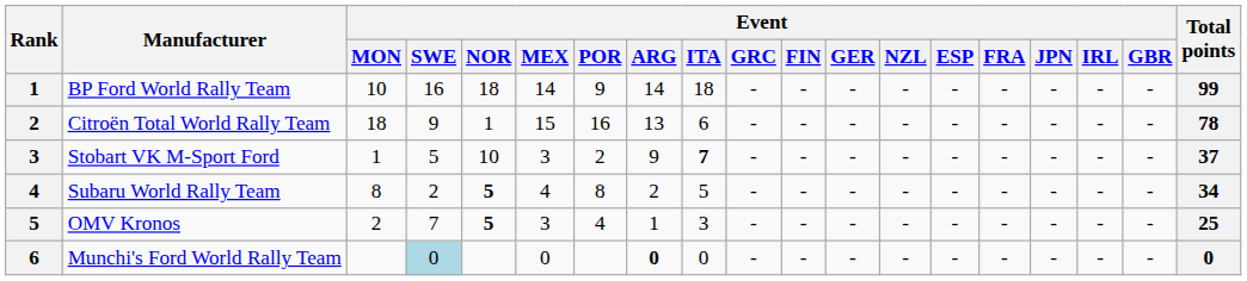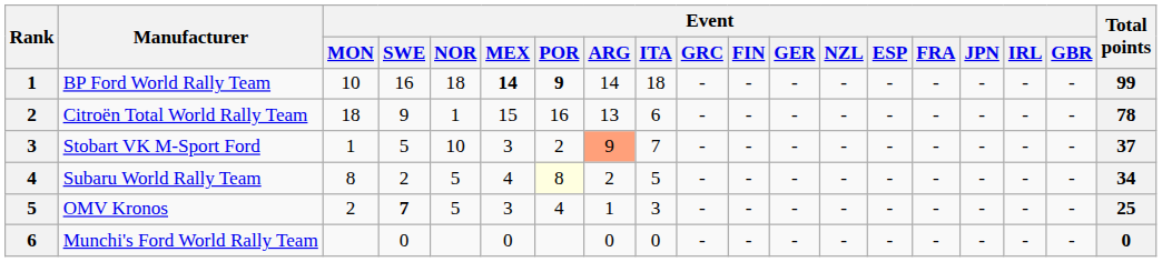 <table class="wikitable" style="text-align:center; font-size:90%;">
 <tr>
 <th rowspan=2>Rank</th>
 <th rowspan=2 style="width:16em">Manufacturer</th>
 <th colspan=16>Event</th>
 <th rowspan=2>Total<br>points</th>
 </tr>
 <tr valign="top">
 <th><a href='#'>MON</a><br></th>
 <th><a href='#'>SWE</a><br></th>
 <th><a href='#'>NOR</a><br></th>
 <th><a href='#'>MEX</a><br></th>
 <th><a href='#'>POR</a><br></th>
 <th><a href='#'>ARG</a><br></th>
 <th><a href='#'>ITA</a><br></th>
 <th><a href='#'>GRC</a><br></th>
 <th><a href='#'>FIN</a><br></th>
 <th><a href='#'>GER</a><br></th>
 <th><a href='#'>NZL</a><br></th>
 <th><a href='#'>ESP</a><br></th>
 <th><a href='#'>FRA</a><br></th>
 <th><a href='#'>JPN</a><br></th>
 <th><a href='#'>IRL</a><br></th>
 <th><a href='#'>GBR</a><br></th>
 </tr>
 <tr>
 <th>1</th>
 <td align=left><a href='#'>BP Ford World Rally Team</a></td>
 <td>10</td>
 <td>16</td>
 <td>18</td>
-<td>14</td>
-<td>9</td>
+<td><strong>14</strong></td>
+<td><strong>9</strong></td>
 <td>14</td>
 <td>18</td>
 <td>-</td>
 <td>-</td>
 <td>-</td>
 <td>-</td>
 <td>-</td>
 <td>-</td>
 <td>-</td>
 <td>-</td>
 <td>-</td>
 <th>99</th>
 </tr>
 <tr>
 <th>2</th>
 <td align=left><a href='#'>Citroën Total World Rally Team</a></td>
 <td>18</td>
 <td>9</td>
 <td>1</td>
 <td>15</td>
 <td>16</td>
 <td>13</td>
 <td>6</td>
 <td>-</td>
 <td>-</td>
 <td>-</td>
 <td>-</td>
 <td>-</td>
 <td>-</td>
 <td>-</td>
 <td>-</td>
 <td>-</td>
 <th>78</th>
 </tr>
 <tr>
 <th>3</th>
 <td align=left><a href='#'>Stobart VK M-Sport Ford</a></td>
 <td>1</td>
 <td>5</td>
 <td>10</td>
 <td>3</td>
 <td>2</td>
-<td>9</td>
-<td><strong>7</strong></td>
+<td style="background: lightsalmon;">9</td>
+<td>7</td>
 <td>-</td>
 <td>-</td>
 <td>-</td>
 <td>-</td>
 <td>-</td>
 <td>-</td>
 <td>-</td>
 <td>-</td>
 <td>-</td>
 <th>37</th>
 </tr>
 <tr>
 <th>4</th>
 <td align=left><a href='#'>Subaru World Rally Team</a></td>
 <td>8</td>
 <td>2</td>
-<td><strong>5</strong></td>
+<td>5</td>
 <td>4</td>
-<td>8</td>
+<td style="background: lightyellow;">8</td>
 <td>2</td>
 <td>5</td>
 <td>-</td>
 <td>-</td>
 <td>-</td>
 <td>-</td>
 <td>-</td>
 <td>-</td>
 <td>-</td>
 <td>-</td>
 <td>-</td>
 <th>34</th>
 </tr>
 <tr>
 <th>5</th>
 <td align=left><a href='#'>OMV Kronos</a></td>
 <td>2</td>
-<td>7</td>
-<td><strong>5</strong></td>
+<td><strong>7</strong></td>
+<td>5</td>
 <td>3</td>
 <td>4</td>
 <td>1</td>
 <td>3</td>
 <td>-</td>
 <td>-</td>
 <td>-</td>
 <td>-</td>
 <td>-</td>
 <td>-</td>
 <td>-</td>
 <td>-</td>
 <td>-</td>
 <th>25</th>
 </tr>
 <tr>
 <th>6</th>
 <td align="left"><a href='#'>Munchi's Ford World Rally Team</a></td>
 <td></td>
-<td style="background: lightblue;">0</td>
+<td>0</td>
 <td></td>
 <td>0</td>
 <td></td>
-<td><strong>0</strong></td>
+<td>0</td>
 <td>0</td>
 <td>-</td>
 <td>-</td>
 <td>-</td>
 <td>-</td>
 <td>-</td>
 <td>-</td>
 <td>-</td>
 <td>-</td>
 <td>-</td>
 <th>0</th>
 </tr>
 </table>
